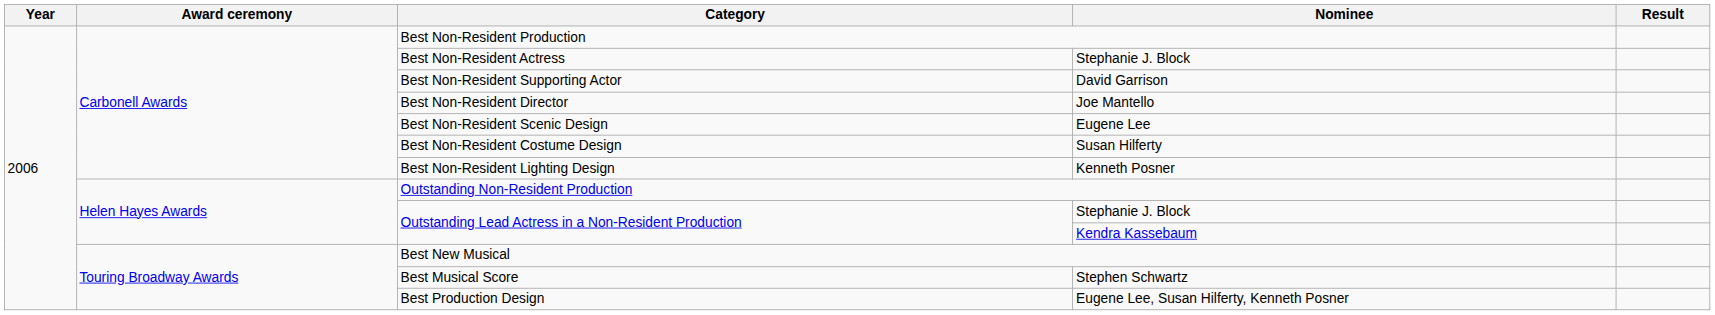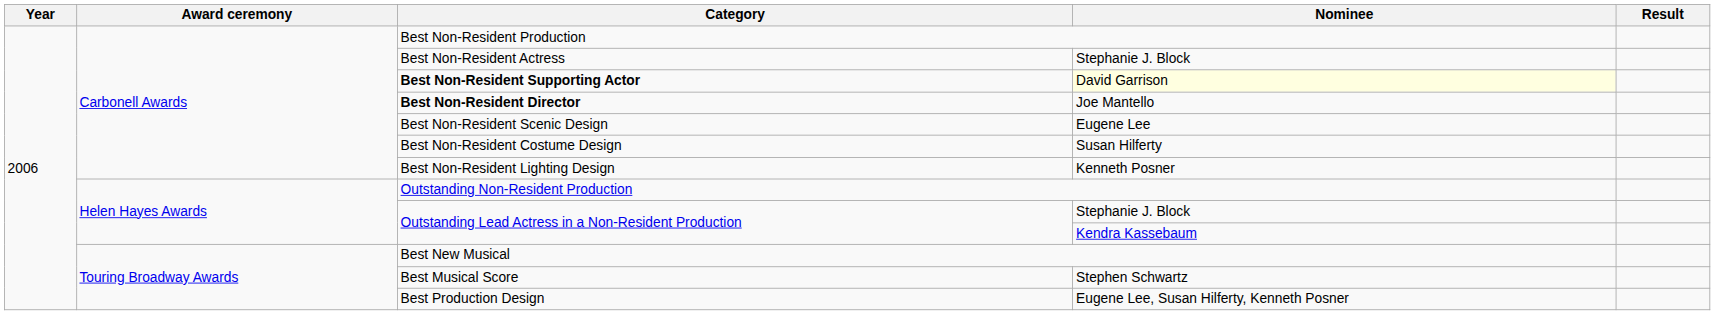 <table class=wikitable width=100%>
 <tr>
 <th scope=col>Year</th>
 <th scope=col>Award ceremony</th>
 <th scope=col>Category</th>
 <th scope=col>Nominee</th>
 <th scope=col>Result</th>
 </tr>
 <tr>
 <td rowspan=13>2006</td>
 <td rowspan=7><a href='#'>Carbonell Awards</a></td>
 <td colspan=2>Best Non-Resident Production</td>
 <td></td>
 </tr>
 <tr>
 <td>Best Non-Resident Actress</td>
 <td>Stephanie J. Block</td>
 <td></td>
 </tr>
 <tr>
-<td>Best Non-Resident Supporting Actor</td>
-<td>David Garrison</td>
+<td><strong>Best Non-Resident Supporting Actor</strong></td>
+<td style="background: lightyellow;">David Garrison</td>
 <td></td>
 </tr>
 <tr>
-<td>Best Non-Resident Director</td>
+<td><strong>Best Non-Resident Director</strong></td>
 <td>Joe Mantello</td>
 <td></td>
 </tr>
 <tr>
 <td>Best Non-Resident Scenic Design</td>
 <td>Eugene Lee</td>
 <td></td>
 </tr>
 <tr>
 <td>Best Non-Resident Costume Design</td>
 <td>Susan Hilferty</td>
 <td></td>
 </tr>
 <tr>
 <td>Best Non-Resident Lighting Design</td>
 <td>Kenneth Posner</td>
 <td></td>
 </tr>
 <tr>
 <td rowspan=3><a href='#'>Helen Hayes Awards</a></td>
 <td colspan=2><a href='#'>Outstanding Non-Resident Production</a></td>
 <td></td>
 </tr>
 <tr>
 <td rowspan=2><a href='#'>Outstanding Lead Actress in a Non-Resident Production</a></td>
 <td>Stephanie J. Block</td>
 <td></td>
 </tr>
 <tr>
 <td><a href='#'>Kendra Kassebaum</a></td>
 <td></td>
 </tr>
 <tr>
 <td rowspan=3><a href='#'>Touring Broadway Awards</a></td>
 <td colspan=2>Best New Musical</td>
 <td></td>
 </tr>
 <tr>
 <td>Best Musical Score</td>
 <td>Stephen Schwartz</td>
 <td></td>
 </tr>
 <tr>
 <td>Best Production Design</td>
 <td>Eugene Lee, Susan Hilferty, Kenneth Posner</td>
 <td></td>
 </tr>
 </table>
